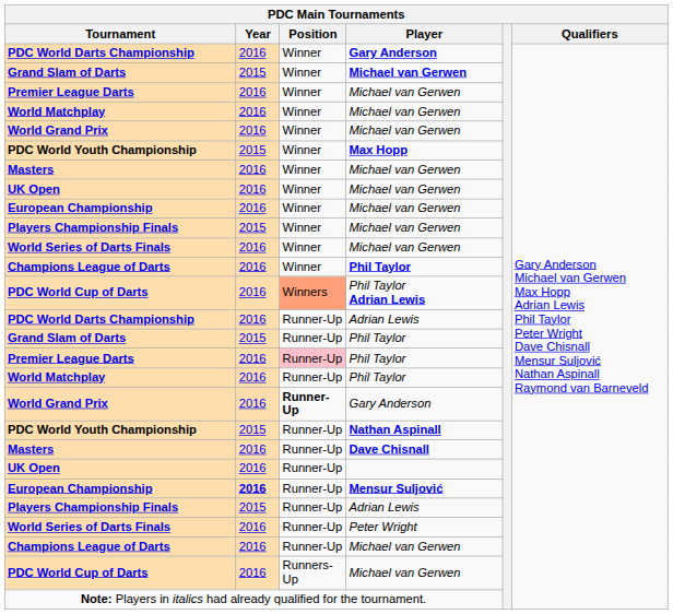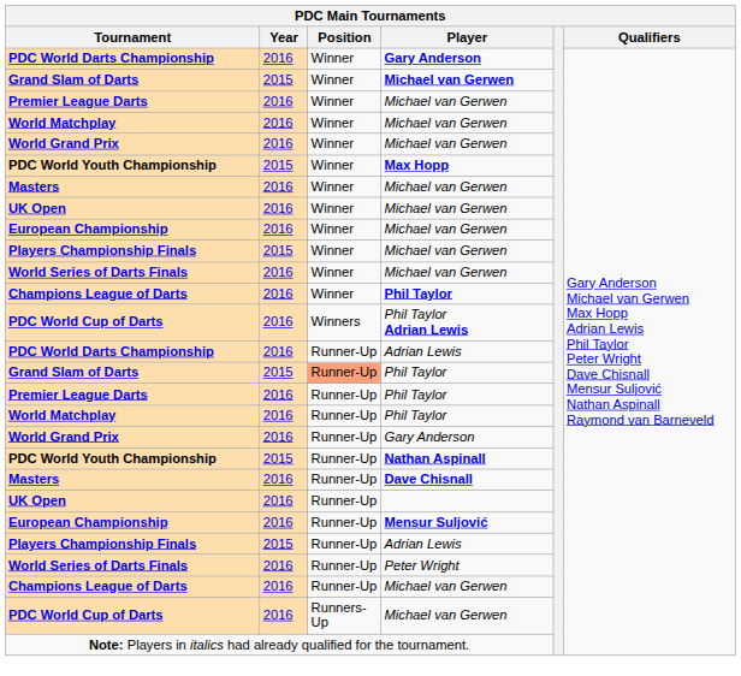 <table class="wikitable">
 <tr>
 <th colspan=6>PDC Main Tournaments</th>
 </tr>
 <tr>
 <th width=300>Tournament</th>
 <th width=50>Year</th>
 <th width=80>Position</th>
 <th width=200>Player</th>
 <th rowspan=28 width=5></th>
 <th width=200>Qualifiers</th>
 </tr>
 <tr>
 <td style="background:#ffdead;"><strong><a href='#'>PDC World Darts Championship</a></strong></td>
 <td style="background:#ffdead;"><a href='#'>2016</a></td>
 <td>Winner</td>
 <td> <strong><a href='#'>Gary Anderson</a></strong></td>
 <td rowspan=27> <a href='#'>Gary Anderson</a><br> <a href='#'>Michael van Gerwen</a><br> <a href='#'>Max Hopp</a> <br> <a href='#'>Adrian Lewis</a><br> <a href='#'>Phil Taylor</a><br> <a href='#'>Peter Wright</a><br> <a href='#'>Dave Chisnall</a><br> <a href='#'>Mensur Suljović</a><br> <a href='#'>Nathan Aspinall</a><br> <a href='#'>Raymond van Barneveld</a></td>
 </tr>
 <tr>
 <td style="background:#ffdead;"><strong><a href='#'>Grand Slam of Darts</a></strong></td>
 <td style="background:#ffdead;"><a href='#'>2015</a></td>
 <td>Winner</td>
 <td> <strong><a href='#'>Michael van Gerwen</a></strong></td>
 </tr>
 <tr>
 <td style="background:#ffdead;"><strong><a href='#'>Premier League Darts</a></strong></td>
 <td style="background:#ffdead;"><a href='#'>2016</a></td>
 <td>Winner</td>
 <td> <em>Michael van Gerwen</em></td>
 </tr>
 <tr>
 <td style="background:#ffdead;"><strong><a href='#'>World Matchplay</a></strong></td>
 <td style="background:#ffdead;"><a href='#'>2016</a></td>
 <td>Winner</td>
 <td> <em>Michael van Gerwen</em></td>
 </tr>
 <tr>
 <td style="background:#ffdead;"><strong><a href='#'>World Grand Prix</a></strong></td>
 <td style="background:#ffdead;"><a href='#'>2016</a></td>
 <td>Winner</td>
 <td> <em>Michael van Gerwen</em></td>
 </tr>
 <tr>
 <td style="background:#ffdead;"><strong>PDC World Youth Championship</strong></td>
 <td style="background:#ffdead;"><a href='#'>2015</a></td>
 <td>Winner</td>
 <td> <strong><a href='#'>Max Hopp</a></strong></td>
 </tr>
 <tr>
 <td style="background:#ffdead;"><strong><a href='#'>Masters</a></strong></td>
 <td style="background:#ffdead;"><a href='#'>2016</a></td>
 <td>Winner</td>
 <td> <em>Michael van Gerwen</em></td>
 </tr>
 <tr>
 <td style="background:#ffdead;"><strong><a href='#'>UK Open</a></strong></td>
 <td style="background:#ffdead;"><a href='#'>2016</a></td>
 <td>Winner</td>
 <td> <em>Michael van Gerwen</em></td>
 </tr>
 <tr>
 <td style="background:#ffdead;"><strong><a href='#'>European Championship</a></strong></td>
 <td style="background:#ffdead;"><a href='#'>2016</a></td>
 <td>Winner</td>
 <td> <em>Michael van Gerwen</em></td>
 </tr>
 <tr>
 <td style="background:#ffdead;"><strong><a href='#'>Players Championship Finals</a></strong></td>
 <td style="background:#ffdead;"><a href='#'>2015</a></td>
 <td>Winner</td>
 <td> <em>Michael van Gerwen</em></td>
 </tr>
 <tr>
 <td style="background:#ffdead;"><strong><a href='#'>World Series of Darts Finals</a></strong></td>
 <td style="background:#ffdead;"><a href='#'>2016</a></td>
 <td>Winner</td>
 <td> <em>Michael van Gerwen</em></td>
 </tr>
 <tr>
 <td style="background:#ffdead;"><strong><a href='#'>Champions League of Darts</a></strong></td>
 <td style="background:#ffdead;"><a href='#'>2016</a></td>
 <td>Winner</td>
 <td> <strong><a href='#'>Phil Taylor</a></strong></td>
 </tr>
 <tr>
 <td style="background:#ffdead;"><strong><a href='#'>PDC World Cup of Darts</a></strong></td>
 <td style="background:#ffdead;"><a href='#'>2016</a></td>
-<td style="background: lightsalmon;">Winners</td>
+<td>Winners</td>
 <td> <em>Phil Taylor</em><br> <strong><a href='#'>Adrian Lewis</a></strong></td>
 </tr>
 <tr>
 <td style="background:#ffdead;"><strong><a href='#'>PDC World Darts Championship</a></strong></td>
 <td style="background:#ffdead;"><a href='#'>2016</a></td>
 <td>Runner-Up</td>
 <td> <em>Adrian Lewis</em></td>
 </tr>
 <tr>
 <td style="background:#ffdead;"><strong><a href='#'>Grand Slam of Darts</a></strong></td>
 <td style="background:#ffdead;"><a href='#'>2015</a></td>
-<td>Runner-Up</td>
+<td style="background: lightsalmon;">Runner-Up</td>
 <td> <em>Phil Taylor</em></td>
 </tr>
 <tr>
 <td style="background:#ffdead;"><strong><a href='#'>Premier League Darts</a></strong></td>
 <td style="background:#ffdead;"><a href='#'>2016</a></td>
-<td style="background: pink;">Runner-Up</td>
+<td>Runner-Up</td>
 <td> <em>Phil Taylor</em></td>
 </tr>
 <tr>
 <td style="background:#ffdead;"><strong><a href='#'>World Matchplay</a></strong></td>
 <td style="background:#ffdead;"><a href='#'>2016</a></td>
 <td>Runner-Up</td>
 <td> <em>Phil Taylor</em></td>
 </tr>
 <tr>
 <td style="background:#ffdead;"><strong><a href='#'>World Grand Prix</a></strong></td>
 <td style="background:#ffdead;"><a href='#'>2016</a></td>
-<td><strong>Runner-Up</strong></td>
+<td>Runner-Up</td>
 <td> <em>Gary Anderson</em></td>
 </tr>
 <tr>
 <td style="background:#ffdead;"><strong>PDC World Youth Championship</strong></td>
 <td style="background:#ffdead;"><a href='#'>2015</a></td>
 <td>Runner-Up</td>
 <td> <strong><a href='#'>Nathan Aspinall</a></strong></td>
 </tr>
 <tr>
 <td style="background:#ffdead;"><strong><a href='#'>Masters</a></strong></td>
 <td style="background:#ffdead;"><a href='#'>2016</a></td>
 <td>Runner-Up</td>
 <td> <strong><a href='#'>Dave Chisnall</a></strong></td>
 </tr>
 <tr>
 <td style="background:#ffdead;"><strong><a href='#'>UK Open</a></strong></td>
 <td style="background:#ffdead;"><a href='#'>2016</a></td>
 <td>Runner-Up</td>
 <td> <strong></strong></td>
 </tr>
 <tr>
 <td style="background:#ffdead;"><strong><a href='#'>European Championship</a></strong></td>
-<td style="background:#ffdead;"><strong><a href='#'>2016</a></strong></td>
+<td style="background:#ffdead;"><a href='#'>2016</a></td>
 <td>Runner-Up</td>
 <td> <strong><a href='#'>Mensur Suljović</a></strong></td>
 </tr>
 <tr>
 <td style="background:#ffdead;"><strong><a href='#'>Players Championship Finals</a></strong></td>
 <td style="background:#ffdead;"><a href='#'>2015</a></td>
 <td>Runner-Up</td>
 <td> <em>Adrian Lewis</em></td>
 </tr>
 <tr>
 <td style="background:#ffdead;"><strong><a href='#'>World Series of Darts Finals</a></strong></td>
 <td style="background:#ffdead;"><a href='#'>2016</a></td>
 <td>Runner-Up</td>
 <td> <em>Peter Wright</em></td>
 </tr>
 <tr>
 <td style="background:#ffdead;"><strong><a href='#'>Champions League of Darts</a></strong></td>
 <td style="background:#ffdead;"><a href='#'>2016</a></td>
 <td>Runner-Up</td>
 <td> <em>Michael van Gerwen</em></td>
 </tr>
 <tr>
 <td style="background:#ffdead;"><strong><a href='#'>PDC World Cup of Darts</a></strong></td>
 <td style="background:#ffdead;"><a href='#'>2016</a></td>
 <td>Runners-Up</td>
 <td> <em>Michael van Gerwen</em><br></td>
 </tr>
 <tr>
 <td colspan=4 align=center><strong>Note:</strong> Players in <em>italics</em> had already qualified for the tournament.</td>
 </tr>
 </table>
